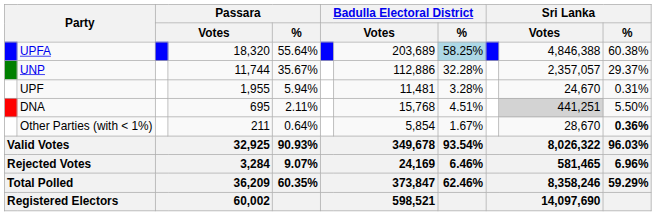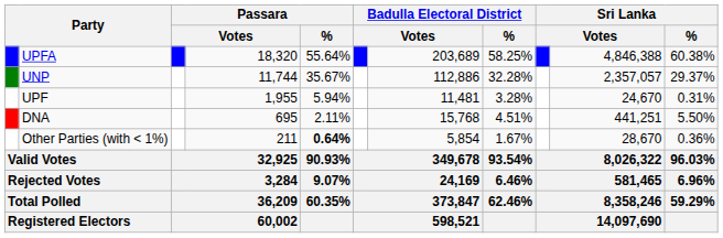 <table class="wikitable">
 <tr>
 <th colspan="2" width="144px"rowspan="2">Party</th>
 <th colspan="3" width="216px">Passara</th>
 <th colspan="3" width="216px"><a href='#'>Badulla Electoral District</a></th>
 <th colspan="3" width="216px">Sri Lanka</th>
 </tr>
 <tr>
 <th colspan="2" width="144px">Votes</th>
 <th>%</th>
 <th colspan="2" width="144px">Votes</th>
 <th>%</th>
 <th colspan="2" width="144px">Votes</th>
 <th>%</th>
 </tr>
 <tr>
 <td style="background-color:blue;" width="10px"></td>
 <td style="text-align:left;"><a href='#'>UPFA</a></td>
 <td style="background-color:blue;" width="10px"></td>
 <td style="text-align:right;">18,320</td>
 <td style="text-align:right;">55.64%</td>
 <td style="background-color:blue;" width="10px"></td>
 <td style="text-align:right;">203,689</td>
-<td style="background: lightblue; text-align:right;">58.25%</td>
+<td style="text-align:right;">58.25%</td>
 <td style="background-color:blue;" width="10px"></td>
 <td style="text-align:right;">4,846,388</td>
 <td style="text-align:right;">60.38%</td>
 </tr>
 <tr>
 <td style="background-color:green;" width="10px"></td>
 <td style="text-align:left;"><a href='#'>UNP</a></td>
 <td style="background-color:white;" width="10px"></td>
 <td style="text-align:right;">11,744</td>
 <td style="text-align:right;">35.67%</td>
 <td style="background-color:white;" width="10px"></td>
 <td style="text-align:right;">112,886</td>
 <td style="text-align:right;">32.28%</td>
 <td style="background-color:white;" width="10px"></td>
 <td style="text-align:right;">2,357,057</td>
 <td style="text-align:right;">29.37%</td>
 </tr>
 <tr>
 <td style="background-color:white;" width="10px"></td>
 <td style="text-align:left;">UPF</td>
 <td style="background-color:white;" width="10px"></td>
 <td style="text-align:right;">1,955</td>
 <td style="text-align:right;">5.94%</td>
 <td style="background-color:white;" width="10px"></td>
 <td style="text-align:right;">11,481</td>
 <td style="text-align:right;">3.28%</td>
 <td style="background-color:white;" width="10px"></td>
 <td style="text-align:right;">24,670</td>
 <td style="text-align:right;">0.31%</td>
 </tr>
 <tr>
 <td style="background-color:red;" width="10px"></td>
 <td style="text-align:left;">DNA</td>
 <td style="background-color:white;" width="10px"></td>
 <td style="text-align:right;">695</td>
 <td style="text-align:right;">2.11%</td>
 <td style="background-color:white;" width="10px"></td>
 <td style="text-align:right;">15,768</td>
 <td style="text-align:right;">4.51%</td>
 <td style="background-color:white;" width="10px"></td>
-<td style="background: lightgrey; text-align:right;">441,251</td>
+<td style="text-align:right;">441,251</td>
 <td style="text-align:right;">5.50%</td>
 </tr>
 <tr>
 <td style="background-color:white;" width="10px"></td>
 <td style="text-align:left;">Other Parties (with < 1%)</td>
 <td style="background-color:white;" width="10px"></td>
 <td style="text-align:right;">211</td>
-<td style="text-align:right;">0.64%</td>
+<td style="text-align:right;"><strong>0.64%</strong></td>
 <td style="background-color:white;" width="10px"></td>
 <td style="text-align:right;">5,854</td>
 <td style="text-align:right;">1.67%</td>
 <td style="background-color:white;" width="10px"></td>
 <td style="text-align:right;">28,670</td>
-<td style="text-align:right;"><strong>0.36%</strong></td>
+<td style="text-align:right;">0.36%</td>
 </tr>
 <tr>
 <th colspan="2" width="144px"style="text-align:left;">Valid Votes</th>
 <th style="text-align:right;"colspan="2" width="144px">32,925</th>
 <th style="text-align:right;">90.93%</th>
 <th style="text-align:right;"colspan="2" width="144px">349,678</th>
 <th style="text-align:right;">93.54%</th>
 <th style="text-align:right;"colspan="2" width="144px">8,026,322</th>
 <th style="text-align:right;">96.03%</th>
 </tr>
 <tr>
 <th colspan="2" width="144px"style="text-align:left;">Rejected Votes</th>
 <th style="text-align:right;"colspan="2" width="144px">3,284</th>
 <th style="text-align:right;">9.07%</th>
 <th style="text-align:right;"colspan="2" width="144px">24,169</th>
 <th style="text-align:right;">6.46%</th>
 <th style="text-align:right;"colspan="2" width="144px">581,465</th>
 <th style="text-align:right;">6.96%</th>
 </tr>
 <tr>
 <th colspan="2" width="144px"style="text-align:left;">Total Polled</th>
 <th style="text-align:right;"colspan="2" width="144px">36,209</th>
 <th style="text-align:right;">60.35%</th>
 <th style="text-align:right;"colspan="2" width="144px">373,847</th>
 <th style="text-align:right;">62.46%</th>
 <th style="text-align:right;"colspan="2" width="144px">8,358,246</th>
 <th style="text-align:right;">59.29%</th>
 </tr>
 <tr>
 <th colspan="2" width="144px"style="text-align:left;">Registered Electors</th>
 <th style="text-align:right;"colspan="2" width="144px">60,002</th>
 <th></th>
 <th style="text-align:right;"colspan="2" width="144px">598,521</th>
 <th></th>
 <th style="text-align:right;"colspan="2" width="144px">14,097,690</th>
 <th></th>
 </tr>
 </table>
